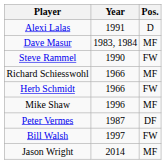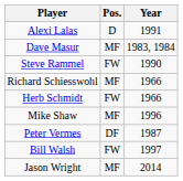 <table class="wikitable" style="text-align:center">
 <tr>
 <th style="background:#">Player</th>
+<th style="background:#">Pos.</th>
 <th style="background:#">Year</th>
-<th style="background:#">Pos.</th>
 </tr>
 <tr>
 <td><a href='#'>Alexi Lalas</a></td>
+<td>D</td>
 <td>1991</td>
-<td>D</td>
 </tr>
 <tr>
 <td><a href='#'>Dave Masur</a></td>
+<td>MF</td>
 <td>1983, 1984</td>
-<td>MF</td>
 </tr>
 <tr>
 <td><a href='#'>Steve Rammel</a></td>
+<td>FW</td>
 <td>1990</td>
-<td>FW</td>
 </tr>
 <tr>
 <td>Richard Schiesswohl</td>
+<td>MF</td>
 <td>1966</td>
-<td>MF</td>
 </tr>
 <tr>
 <td><a href='#'>Herb Schmidt</a></td>
+<td>FW</td>
 <td>1966</td>
-<td>FW</td>
 </tr>
 <tr>
 <td>Mike Shaw</td>
+<td>MF</td>
 <td>1996</td>
-<td>MF</td>
 </tr>
 <tr>
 <td><a href='#'>Peter Vermes</a></td>
+<td>DF</td>
 <td>1987</td>
-<td>DF</td>
 </tr>
 <tr>
 <td><a href='#'>Bill Walsh</a></td>
+<td>FW</td>
 <td>1997</td>
-<td>FW</td>
 </tr>
 <tr>
 <td>Jason Wright</td>
+<td>MF</td>
 <td>2014</td>
-<td>MF</td>
 </tr>
 </table>
